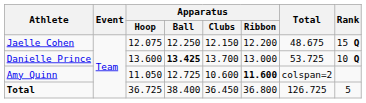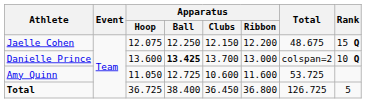 <table class=wikitable style="font-size:90%">
 <tr>
 <th rowspan=2>Athlete</th>
 <th rowspan=2>Event</th>
 <th colspan=4>Apparatus</th>
 <th rowspan=2>Total</th>
 <th rowspan=2>Rank</th>
 </tr>
 <tr style="font-size:95%;">
 <th>Hoop</th>
 <th>Ball</th>
 <th>Clubs</th>
 <th>Ribbon</th>
 </tr>
 <tr align=center>
 <td align=left><a href='#'>Jaelle Cohen</a></td>
 <td align=left rowspan=4><a href='#'>Team</a></td>
 <td>12.075</td>
 <td>12.250</td>
 <td>12.150</td>
 <td>12.200</td>
 <td>48.675</td>
 <td>15 <strong>Q</strong></td>
 </tr>
 <tr align=center>
 <td align=left><a href='#'>Danielle Prince</a></td>
 <td>13.600</td>
 <td><strong>13.425</strong></td>
 <td>13.700</td>
 <td>13.000</td>
-<td>53.725</td>
+<td>colspan=2 </td>
 <td>10 <strong>Q</strong></td>
 </tr>
 <tr align=center>
 <td align=left><a href='#'>Amy Quinn</a></td>
 <td>11.050</td>
 <td>12.725</td>
 <td>10.600</td>
-<td><strong>11.600</strong></td>
-<td>colspan=2 </td>
+<td>11.600</td>
+<td>53.725</td>
 </tr>
 <tr align=center>
 <td align=left><strong>Total</strong></td>
 <td>36.725</td>
 <td>38.400</td>
 <td>36.450</td>
 <td>36.800</td>
 <td>126.725</td>
 <td>5</td>
 </tr>
 </table>
